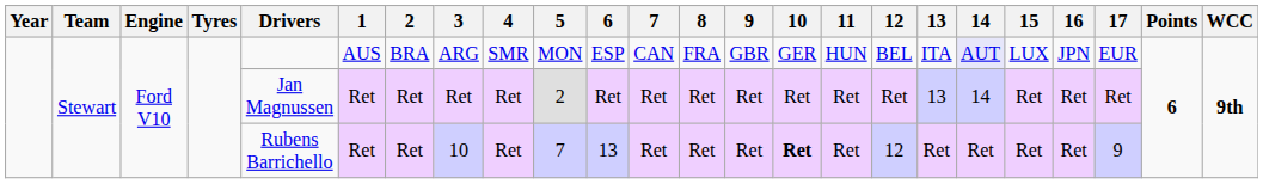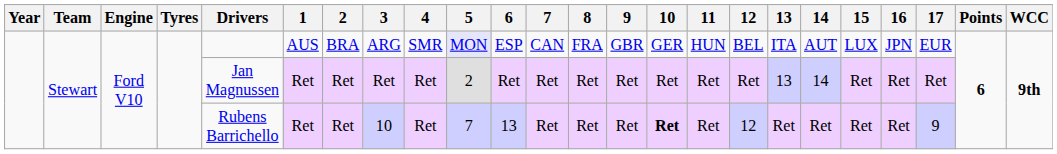 <table class="wikitable" style="text-align:center; font-size:95%">
 <tr>
 <th>Year</th>
 <th>Team</th>
 <th>Engine</th>
 <th>Tyres</th>
 <th>Drivers</th>
 <th>1</th>
 <th>2</th>
 <th>3</th>
 <th>4</th>
 <th>5</th>
 <th>6</th>
 <th>7</th>
 <th>8</th>
 <th>9</th>
 <th>10</th>
 <th>11</th>
 <th>12</th>
 <th>13</th>
 <th>14</th>
 <th>15</th>
 <th>16</th>
 <th>17</th>
 <th>Points</th>
 <th>WCC</th>
 </tr>
 <tr>
 <td rowspan="3"></td>
 <td rowspan="3"><a href='#'>Stewart</a></td>
 <td rowspan="3"><a href='#'>Ford</a> <a href='#'>V10</a></td>
 <td rowspan="3"></td>
 <td></td>
 <td><a href='#'>AUS</a></td>
 <td><a href='#'>BRA</a></td>
 <td><a href='#'>ARG</a></td>
 <td><a href='#'>SMR</a></td>
-<td><a href='#'>MON</a></td>
+<td style="background: lavender;"><a href='#'>MON</a></td>
 <td><a href='#'>ESP</a></td>
 <td><a href='#'>CAN</a></td>
 <td><a href='#'>FRA</a></td>
 <td><a href='#'>GBR</a></td>
 <td><a href='#'>GER</a></td>
 <td><a href='#'>HUN</a></td>
 <td><a href='#'>BEL</a></td>
 <td><a href='#'>ITA</a></td>
-<td style="background: lavender;"><a href='#'>AUT</a></td>
+<td><a href='#'>AUT</a></td>
 <td><a href='#'>LUX</a></td>
 <td><a href='#'>JPN</a></td>
 <td><a href='#'>EUR</a></td>
 <td rowspan="3"><strong>6</strong></td>
 <td rowspan="3"><strong>9th</strong></td>
 </tr>
 <tr>
 <td><a href='#'>Jan Magnussen</a></td>
 <td style="background:#EFCFFF;">Ret</td>
 <td style="background:#EFCFFF;">Ret</td>
 <td style="background:#EFCFFF;">Ret</td>
 <td style="background:#EFCFFF;">Ret</td>
 <td style="background:#DFDFDF;">2</td>
 <td style="background:#EFCFFF;">Ret</td>
 <td style="background:#EFCFFF;">Ret</td>
 <td style="background:#EFCFFF;">Ret</td>
 <td style="background:#EFCFFF;">Ret</td>
 <td style="background:#EFCFFF;">Ret</td>
 <td style="background:#EFCFFF;">Ret</td>
 <td style="background:#EFCFFF;">Ret</td>
 <td style="background:#CFCFFF;">13</td>
 <td style="background:#CFCFFF;">14</td>
 <td style="background:#EFCFFF;">Ret</td>
 <td style="background:#EFCFFF;">Ret</td>
 <td style="background:#EFCFFF;">Ret</td>
 </tr>
 <tr>
 <td><a href='#'>Rubens Barrichello</a></td>
 <td style="background:#EFCFFF;">Ret</td>
 <td style="background:#EFCFFF;">Ret</td>
 <td style="background:#CFCFFF;">10</td>
 <td style="background:#EFCFFF;">Ret</td>
 <td style="background:#CFCFFF;">7</td>
 <td style="background:#CFCFFF;">13</td>
 <td style="background:#EFCFFF;">Ret</td>
 <td style="background:#EFCFFF;">Ret</td>
 <td style="background:#EFCFFF;">Ret</td>
 <td style="background:#EFCFFF;"><strong>Ret</strong></td>
 <td style="background:#EFCFFF;">Ret</td>
 <td style="background:#CFCFFF;">12</td>
 <td style="background:#EFCFFF;">Ret</td>
 <td style="background:#EFCFFF;">Ret</td>
 <td style="background:#EFCFFF;">Ret</td>
 <td style="background:#EFCFFF;">Ret</td>
 <td style="background:#CFCFFF;">9</td>
 </tr>
 </table>
